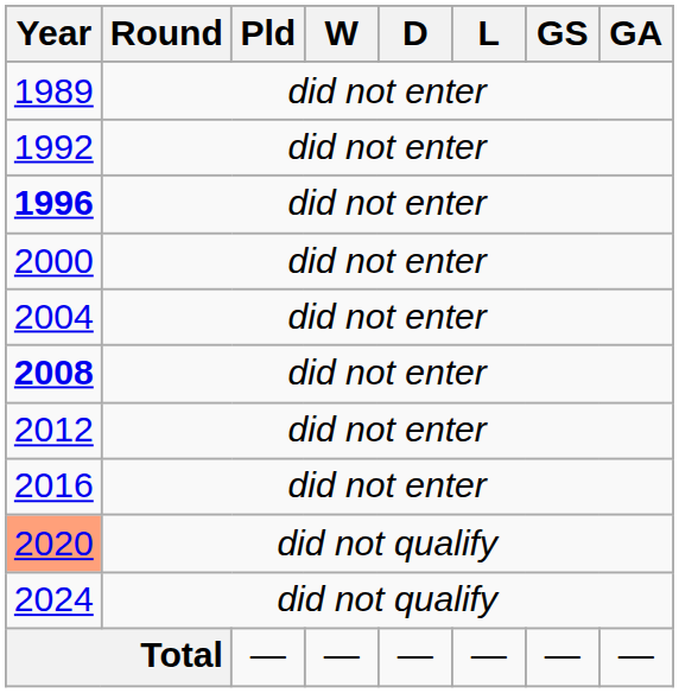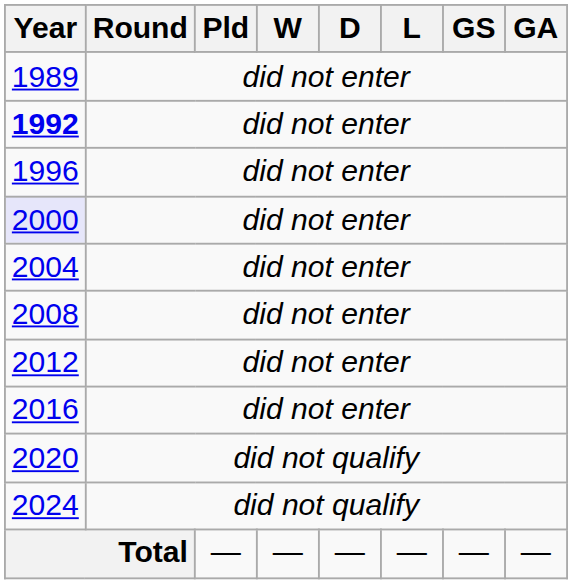 <table class="wikitable" style="text-align: center;">
 <tr>
 <th scope="col">Year</th>
 <th scope="col">Round</th>
 <th style="width: 1.6em;" scope="col">Pld</th>
 <th style="width: 1.6em;" scope="col">W</th>
 <th style="width: 1.6em;" scope="col">D</th>
 <th style="width: 1.6em;" scope="col">L</th>
 <th style="width: 1.6em;" scope="col">GS</th>
 <th style="width: 1.6em;" scope="col">GA</th>
 </tr>
 <tr>
 <td> <a href='#'>1989</a></td>
 <td colspan="7"><em>did not enter</em></td>
 </tr>
 <tr>
-<td> <a href='#'>1992</a></td>
+<td><strong> <a href='#'>1992</a></strong></td>
 <td colspan="7"><em>did not enter</em></td>
 </tr>
 <tr>
-<td><strong> <a href='#'>1996</a></strong></td>
+<td> <a href='#'>1996</a></td>
 <td colspan="7"><em>did not enter</em></td>
 </tr>
 <tr>
-<td> <a href='#'>2000</a></td>
+<td style="background: lavender;"> <a href='#'>2000</a></td>
 <td colspan="7"><em>did not enter</em></td>
 </tr>
 <tr>
 <td> <a href='#'>2004</a></td>
 <td colspan="7"><em>did not enter</em></td>
 </tr>
 <tr>
-<td><strong> <a href='#'>2008</a></strong></td>
+<td> <a href='#'>2008</a></td>
 <td colspan="7"><em>did not enter</em></td>
 </tr>
 <tr>
 <td> <a href='#'>2012</a></td>
 <td colspan="7"><em>did not enter</em></td>
 </tr>
 <tr>
 <td> <a href='#'>2016</a></td>
 <td colspan="7"><em>did not enter</em></td>
 </tr>
 <tr>
-<td style="background: lightsalmon;"> <a href='#'>2020</a></td>
+<td> <a href='#'>2020</a></td>
 <td colspan="7"><em>did not qualify</em></td>
 </tr>
 <tr>
 <td> <a href='#'>2024</a></td>
 <td colspan="7"><em>did not qualify</em></td>
 </tr>
 <tr>
 <th style="text-align: right;" colspan="2" scope="row">Total</th>
 <td>—</td>
 <td>—</td>
 <td>—</td>
 <td>—</td>
 <td>—</td>
 <td>—</td>
 </tr>
 </table>
